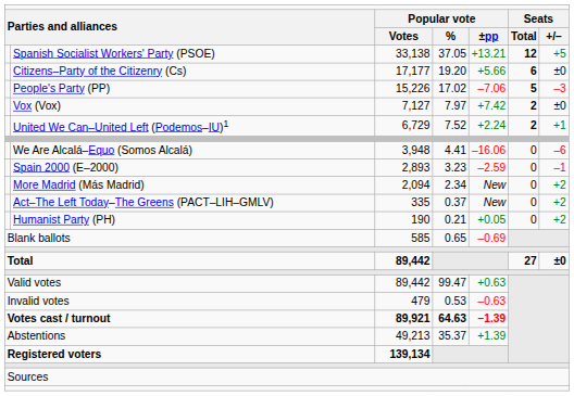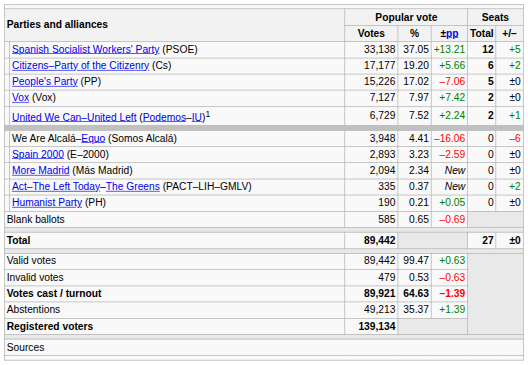 <table class="wikitable" style="text-align:right;">
 <tr>
 <td colspan="7"></td>
 </tr>
 <tr>
 <th style="text-align:left;" rowspan="2" colspan="2" width="525">Parties and alliances</th>
 <th colspan="3">Popular vote</th>
 <th colspan="2">Seats</th>
 </tr>
 <tr>
 <th width="75">Votes</th>
 <th width="45">%</th>
 <th width="45">±<a href='#'>pp</a></th>
 <th width="35">Total</th>
 <th width="35">+/−</th>
 </tr>
 <tr>
 <td width="1" style="color:inherit;background:"></td>
 <td align="left"><a href='#'>Spanish Socialist Workers' Party</a> (PSOE)</td>
 <td>33,138</td>
 <td>37.05</td>
 <td style="color:green;">+13.21</td>
 <td><strong>12</strong></td>
 <td style="color:green;">+5</td>
 </tr>
 <tr>
 <td style="color:inherit;background:"></td>
 <td align="left"><a href='#'>Citizens–Party of the Citizenry</a> (Cs)</td>
 <td>17,177</td>
 <td>19.20</td>
 <td style="color:green;">+5.66</td>
 <td><strong>6</strong></td>
-<td>±0</td>
+<td style="color:green;">+2</td>
 </tr>
 <tr>
 <td style="color:inherit;background:"></td>
 <td align="left"><a href='#'>People's Party</a> (PP)</td>
 <td>15,226</td>
 <td>17.02</td>
 <td style="color:red;">–7.06</td>
 <td><strong>5</strong></td>
-<td style="color:red;">–3</td>
+<td>±0</td>
 </tr>
 <tr>
 <td style="color:inherit;background:"></td>
 <td align="left"><a href='#'>Vox</a> (Vox)</td>
 <td>7,127</td>
 <td>7.97</td>
 <td style="color:green;">+7.42</td>
 <td><strong>2</strong></td>
 <td>±0</td>
 </tr>
 <tr>
 <td style="color:inherit;background:"></td>
 <td align="left"><a href='#'>United We Can–United Left</a> (<a href='#'>Podemos</a>–<a href='#'>IU</a>)<sup>1</sup></td>
 <td>6,729</td>
 <td>7.52</td>
 <td style="color:green;">+2.24</td>
 <td><strong>2</strong></td>
 <td style="color:green;">+1</td>
 </tr>
 <tr>
 <td colspan="7" bgcolor="#C0C0C0"></td>
 </tr>
 <tr>
 <td style="color:inherit;background:"></td>
 <td align="left">We Are Alcalá–<a href='#'>Equo</a> (Somos Alcalá)</td>
 <td>3,948</td>
 <td>4.41</td>
 <td style="color:red;">–16.06</td>
 <td>0</td>
 <td style="color:red;">–6</td>
 </tr>
 <tr>
 <td style="color:inherit;background:"></td>
 <td align="left"><a href='#'>Spain 2000</a> (E–2000)</td>
 <td>2,893</td>
 <td>3.23</td>
 <td style="color:red;">–2.59</td>
 <td>0</td>
-<td style="color:red;">–1</td>
+<td>±0</td>
 </tr>
 <tr>
 <td style="color:inherit;background:"></td>
 <td align="left"><a href='#'>More Madrid</a> (Más Madrid)</td>
 <td>2,094</td>
 <td>2.34</td>
 <td><em>New</em></td>
 <td>0</td>
-<td style="color:green;">+2</td>
+<td>±0</td>
 </tr>
 <tr>
 <td style="color:inherit;background:"></td>
 <td align="left"><a href='#'>Act–The Left Today</a>–<a href='#'>The Greens</a> (PACT–LIH–GMLV)</td>
 <td>335</td>
 <td>0.37</td>
 <td><em>New</em></td>
 <td>0</td>
 <td style="color:green;">+2</td>
 </tr>
 <tr>
 <td style="color:inherit;background:"></td>
 <td align="left"><a href='#'>Humanist Party</a> (PH)</td>
 <td>190</td>
 <td>0.21</td>
 <td style="color:green;">+0.05</td>
 <td>0</td>
-<td style="color:green;">+2</td>
+<td>±0</td>
 </tr>
 <tr>
 <td align="left" colspan="2">Blank ballots</td>
 <td>585</td>
 <td>0.65</td>
 <td style="color:red;">–0.69</td>
 <td bgcolor="#E9E9E9" colspan="2"></td>
 </tr>
 <tr>
 <td colspan="7" bgcolor="#E9E9E9"></td>
 </tr>
 <tr style="font-weight:bold;">
 <td align="left" colspan="2">Total</td>
 <td>89,442</td>
 <td bgcolor="#E9E9E9" colspan="2"></td>
 <td>27</td>
 <td>±0</td>
 </tr>
 <tr>
 <td colspan="7" bgcolor="#E9E9E9"></td>
 </tr>
 <tr>
 <td align="left" colspan="2">Valid votes</td>
 <td>89,442</td>
 <td>99.47</td>
 <td style="color:green;">+0.63</td>
 <td bgcolor="#E9E9E9" colspan="2" rowspan="5"></td>
 </tr>
 <tr>
 <td align="left" colspan="2">Invalid votes</td>
 <td>479</td>
 <td>0.53</td>
 <td style="color:red;">–0.63</td>
 </tr>
 <tr style="font-weight:bold;">
 <td align="left" colspan="2">Votes cast / turnout</td>
 <td>89,921</td>
 <td>64.63</td>
 <td style="color:red;">–1.39</td>
 </tr>
 <tr>
 <td align="left" colspan="2">Abstentions</td>
 <td>49,213</td>
 <td>35.37</td>
 <td style="color:green;">+1.39</td>
 </tr>
 <tr style="font-weight:bold;">
 <td align="left" colspan="2">Registered voters</td>
 <td>139,134</td>
 <td bgcolor="#E9E9E9" colspan="2"></td>
 </tr>
 <tr>
 <td colspan="7" bgcolor="#E9E9E9"></td>
 </tr>
 <tr>
 <td align="left" colspan="7">Sources</td>
 </tr>
 <tr>
 <td colspan="7" style="text-align:left; max-width:790px;"></td>
 </tr>
 </table>
